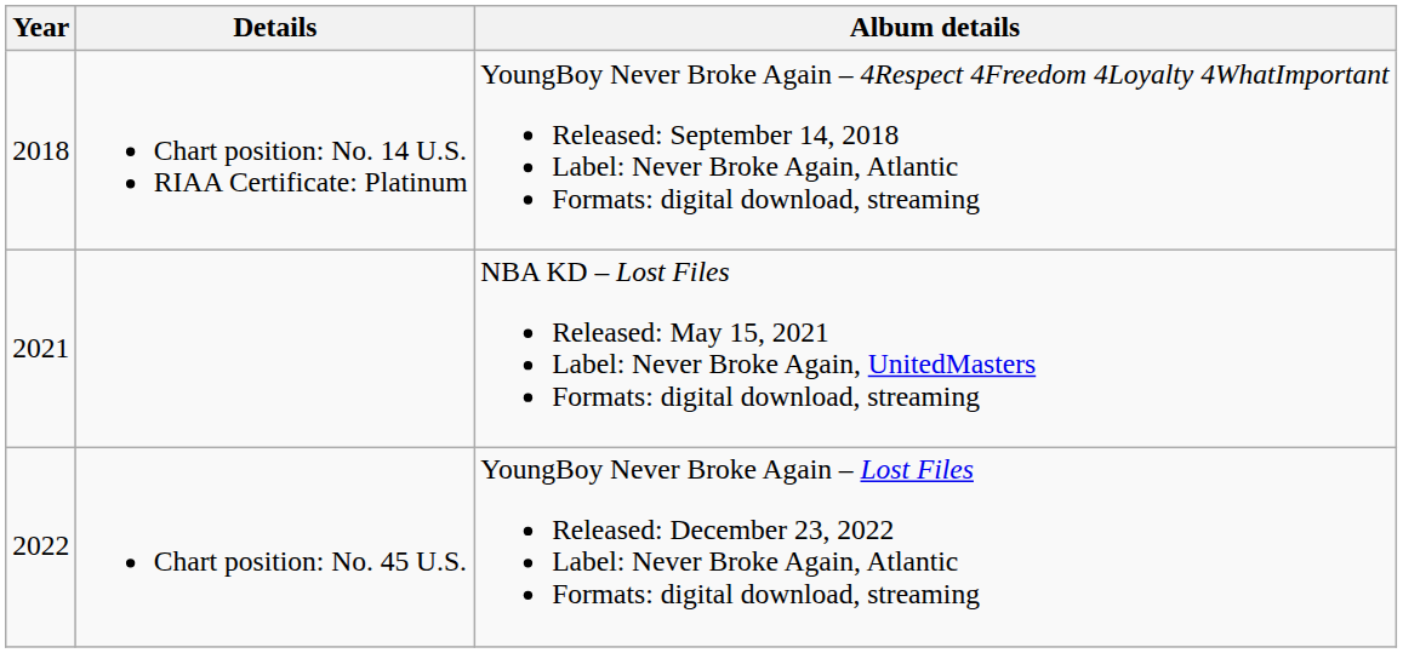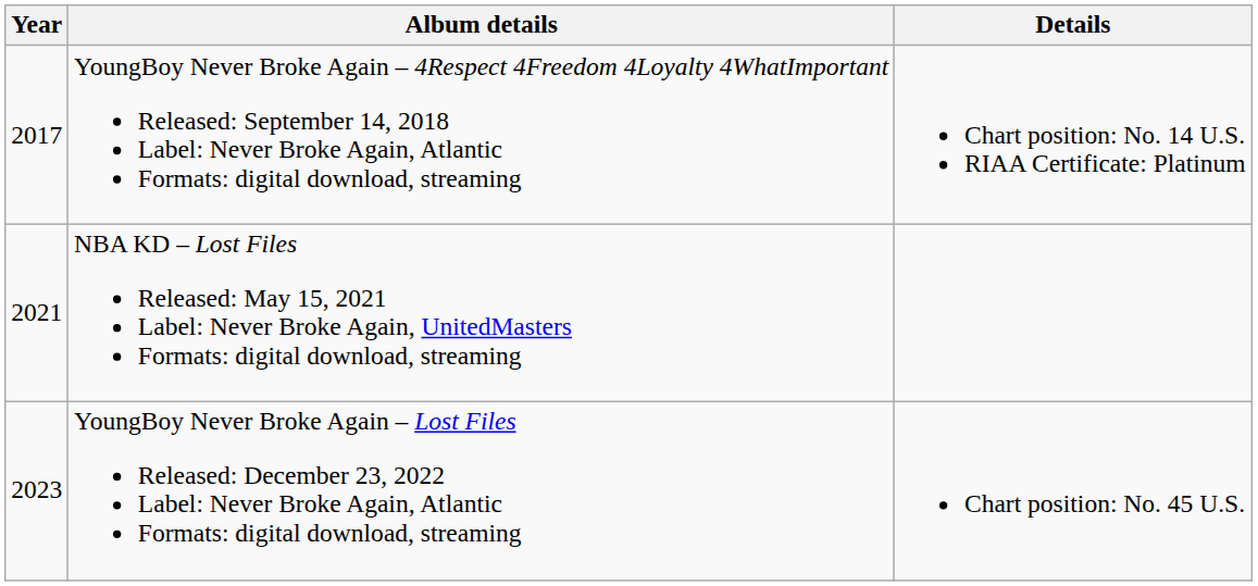 <table class="wikitable sortable">
 <tr>
 <th>Year</th>
+<th class="unsortable">Album details</th>
 <th>Details</th>
-<th class="unsortable">Album details</th>
 </tr>
 <tr>
-<td style="text-align: center">2018</td>
+<td style="text-align: center">2017</td>
+<td>YoungBoy Never Broke Again – <em>4Respect 4Freedom 4Loyalty 4WhatImportant</em><br><ul><li>Released: September 14, 2018</li><li>Label: Never Broke Again, Atlantic</li><li>Formats: digital download, streaming</li></ul></td>
 <td><br><ul><li>Chart position: No. 14 U.S.</li><li>RIAA Certificate: Platinum</li></ul></td>
-<td>YoungBoy Never Broke Again – <em>4Respect 4Freedom 4Loyalty 4WhatImportant</em><br><ul><li>Released: September 14, 2018</li><li>Label: Never Broke Again, Atlantic</li><li>Formats: digital download, streaming</li></ul></td>
 </tr>
 <tr>
 <td style="text-align: center">2021</td>
+<td>NBA KD – <em>Lost Files</em><br><ul><li>Released: May 15, 2021</li><li>Label: Never Broke Again, <a href='#'>UnitedMasters</a></li><li>Formats: digital download, streaming</li></ul></td>
 <td></td>
-<td>NBA KD – <em>Lost Files</em><br><ul><li>Released: May 15, 2021</li><li>Label: Never Broke Again, <a href='#'>UnitedMasters</a></li><li>Formats: digital download, streaming</li></ul></td>
 </tr>
 <tr>
-<td style="text-align: center">2022</td>
+<td style="text-align: center">2023</td>
+<td>YoungBoy Never Broke Again – <em><a href='#'>Lost Files</a></em><br><ul><li>Released: December 23, 2022</li><li>Label: Never Broke Again, Atlantic</li><li>Formats: digital download, streaming</li></ul></td>
 <td><br><ul><li>Chart position: No. 45 U.S.</li></ul></td>
-<td>YoungBoy Never Broke Again – <em><a href='#'>Lost Files</a></em><br><ul><li>Released: December 23, 2022</li><li>Label: Never Broke Again, Atlantic</li><li>Formats: digital download, streaming</li></ul></td>
 </tr>
 </table>
